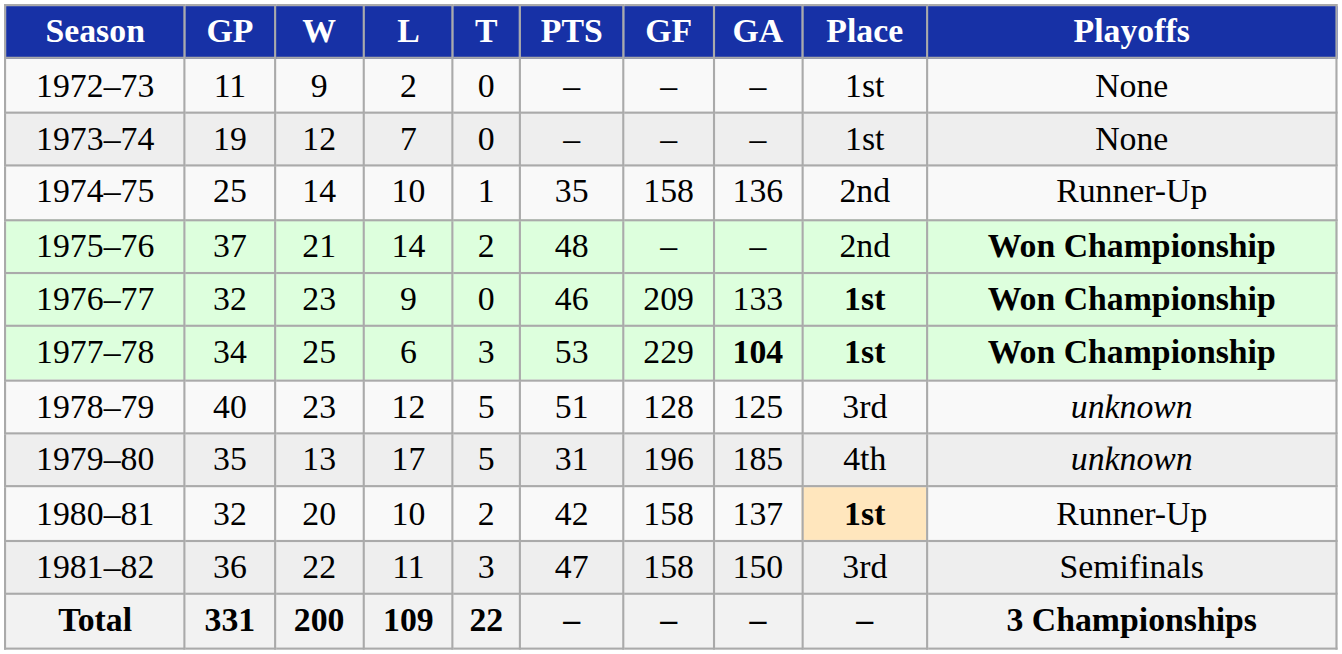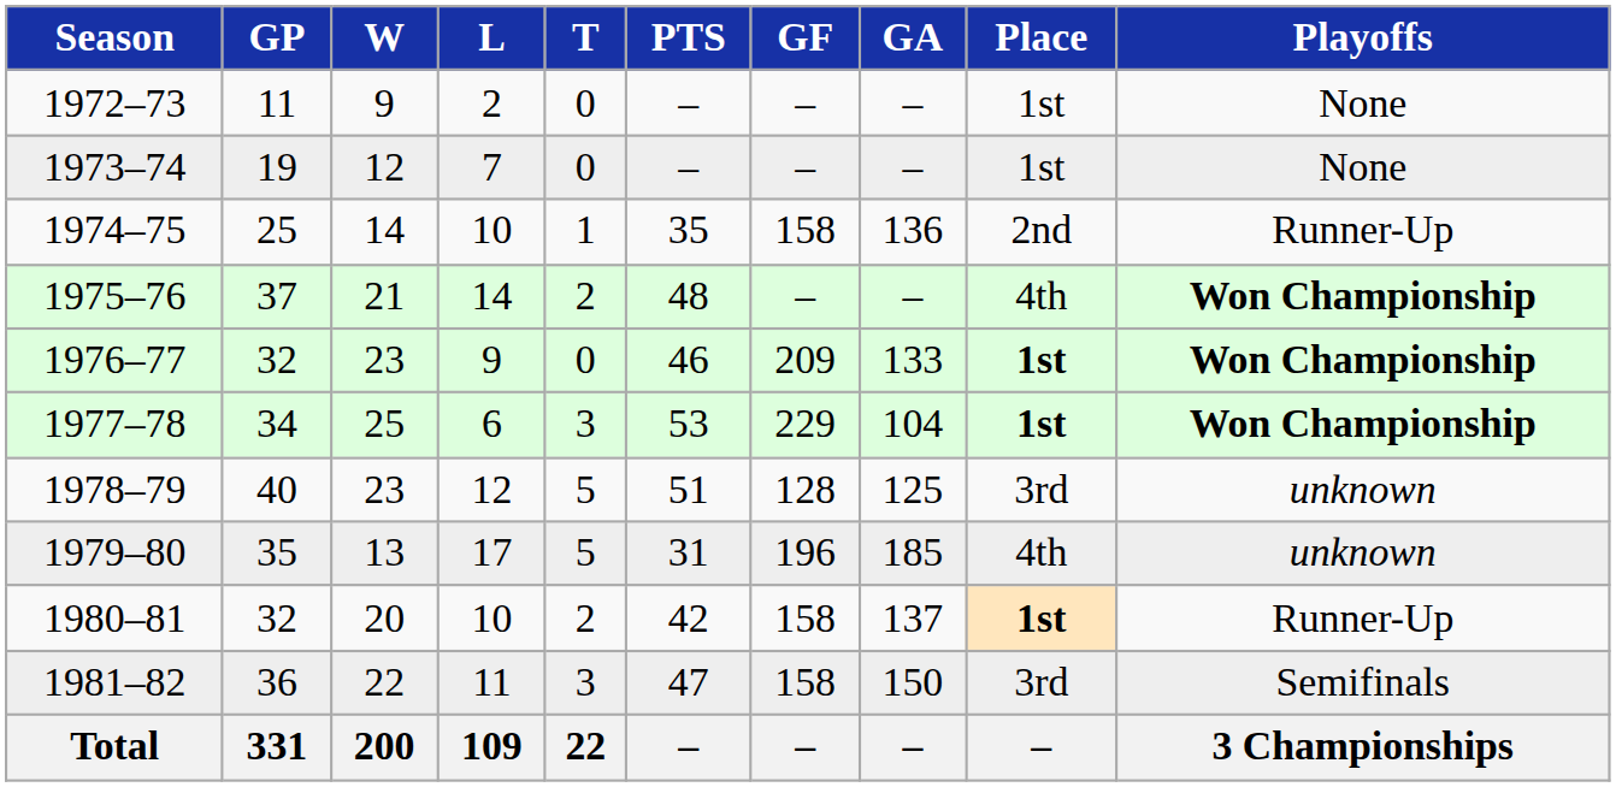 <table class="wikitable" style="text-align:center" width=50%>
 <tr>
 <th style="color:white; background:#1731a6; ">Season</th>
 <th style="color:white; background:#1731a6; ">GP</th>
 <th style="color:white; background:#1731a6; ">W</th>
 <th style="color:white; background:#1731a6; ">L</th>
 <th style="color:white; background:#1731a6; ">T</th>
 <th style="color:white; background:#1731a6; ">PTS</th>
 <th style="color:white; background:#1731a6; ">GF</th>
 <th style="color:white; background:#1731a6; ">GA</th>
 <th style="color:white; background:#1731a6; ">Place</th>
 <th style="color:white; background:#1731a6; ">Playoffs</th>
 </tr>
 <tr>
 <td>1972–73</td>
 <td>11</td>
 <td>9</td>
 <td>2</td>
 <td>0</td>
 <td>–</td>
 <td>–</td>
 <td>–</td>
 <td>1st</td>
 <td>None</td>
 </tr>
 <tr bgcolor=eeeeee>
 <td>1973–74</td>
 <td>19</td>
 <td>12</td>
 <td>7</td>
 <td>0</td>
 <td>–</td>
 <td>–</td>
 <td>–</td>
 <td>1st</td>
 <td>None</td>
 </tr>
 <tr>
 <td>1974–75</td>
 <td>25</td>
 <td>14</td>
 <td>10</td>
 <td>1</td>
 <td>35</td>
 <td>158</td>
 <td>136</td>
 <td>2nd</td>
 <td>Runner-Up</td>
 </tr>
 <tr bgcolor=ddffdd>
 <td>1975–76</td>
 <td>37</td>
 <td>21</td>
 <td>14</td>
 <td>2</td>
 <td>48</td>
 <td>–</td>
 <td>–</td>
-<td>2nd</td>
+<td>4th</td>
 <td><strong>Won Championship</strong></td>
 </tr>
 <tr bgcolor=ddffdd>
 <td>1976–77</td>
 <td>32</td>
 <td>23</td>
 <td>9</td>
 <td>0</td>
 <td>46</td>
 <td>209</td>
 <td>133</td>
 <td><strong>1st</strong></td>
 <td><strong>Won Championship</strong></td>
 </tr>
 <tr bgcolor=ddffdd>
 <td>1977–78</td>
 <td>34</td>
 <td>25</td>
 <td>6</td>
 <td>3</td>
 <td>53</td>
 <td>229</td>
-<td><strong>104</strong></td>
+<td>104</td>
 <td><strong>1st</strong></td>
 <td><strong>Won Championship</strong></td>
 </tr>
 <tr>
 <td>1978–79</td>
 <td>40</td>
 <td>23</td>
 <td>12</td>
 <td>5</td>
 <td>51</td>
 <td>128</td>
 <td>125</td>
 <td>3rd</td>
 <td><em>unknown</em></td>
 </tr>
 <tr bgcolor=eeeeee>
 <td>1979–80</td>
 <td>35</td>
 <td>13</td>
 <td>17</td>
 <td>5</td>
 <td>31</td>
 <td>196</td>
 <td>185</td>
 <td>4th</td>
 <td><em>unknown</em></td>
 </tr>
 <tr>
 <td>1980–81</td>
 <td>32</td>
 <td>20</td>
 <td>10</td>
 <td>2</td>
 <td>42</td>
 <td>158</td>
 <td>137</td>
 <td bgcolor=FFE6BD><strong>1st</strong></td>
 <td>Runner-Up</td>
 </tr>
 <tr bgcolor=eeeeee>
 <td>1981–82</td>
 <td>36</td>
 <td>22</td>
 <td>11</td>
 <td>3</td>
 <td>47</td>
 <td>158</td>
 <td>150</td>
 <td>3rd</td>
 <td>Semifinals</td>
 </tr>
 <tr>
 <th>Total</th>
 <th>331</th>
 <th>200</th>
 <th>109</th>
 <th>22</th>
 <th>–</th>
 <th>–</th>
 <th>–</th>
 <th>–</th>
 <th>3 Championships</th>
 </tr>
 </table>
